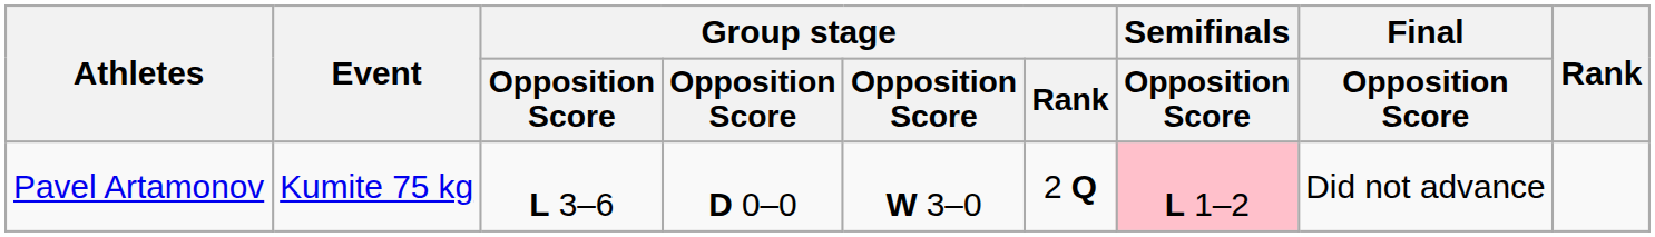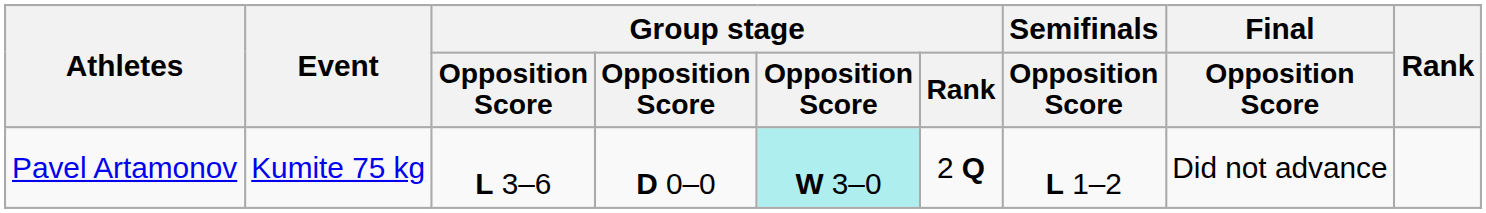 <table class="wikitable" style="font-size:90%">
 <tr>
 <th rowspan="2">Athletes</th>
 <th rowspan="2">Event</th>
 <th colspan="4">Group stage</th>
 <th>Semifinals</th>
 <th>Final</th>
 <th rowspan="2">Rank</th>
 </tr>
 <tr style="font-size:95%">
 <th>Opposition<br>Score</th>
 <th>Opposition<br>Score</th>
 <th>Opposition<br>Score</th>
 <th>Rank</th>
 <th>Opposition<br>Score</th>
 <th>Opposition<br>Score</th>
 </tr>
 <tr align=center>
 <td align=left><a href='#'>Pavel Artamonov</a></td>
 <td align=left><a href='#'>Kumite 75 kg</a></td>
 <td><br><strong>L</strong> 3–6</td>
 <td><br><strong>D</strong> 0–0</td>
-<td><br><strong>W</strong> 3–0</td>
+<td style="background: paleturquoise;"><br><strong>W</strong> 3–0</td>
 <td>2 <strong>Q</strong></td>
-<td style="background: pink;"><br><strong>L</strong> 1–2</td>
+<td><br><strong>L</strong> 1–2</td>
 <td>Did not advance</td>
 <td></td>
 </tr>
 </table>
